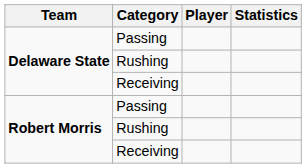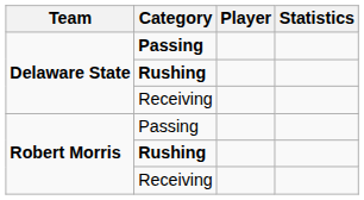 <table class="wikitable" style="float: right;">
 <tr>
 <th>Team</th>
 <th>Category</th>
 <th>Player</th>
 <th>Statistics</th>
 </tr>
 <tr>
 <td rowspan=3><strong>Delaware State</strong></td>
-<td>Passing</td>
+<td><strong>Passing</strong></td>
 <td></td>
 <td></td>
 </tr>
 <tr>
-<td>Rushing</td>
+<td><strong>Rushing</strong></td>
 <td></td>
 <td></td>
 </tr>
 <tr>
 <td>Receiving</td>
 <td></td>
 <td></td>
 </tr>
 <tr>
 <td rowspan=3><strong>Robert Morris</strong></td>
 <td>Passing</td>
 <td></td>
 <td></td>
 </tr>
 <tr>
-<td>Rushing</td>
+<td><strong>Rushing</strong></td>
 <td></td>
 <td></td>
 </tr>
 <tr>
 <td>Receiving</td>
 <td></td>
 <td></td>
 </tr>
 </table>
